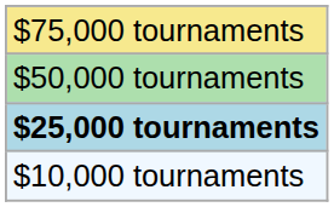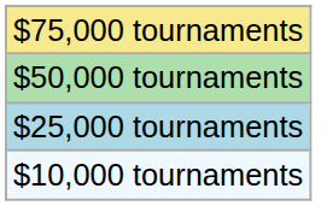 <table class="wikitable" style="font-size:85%">
 <tr bgcolor="#F7E98E">
 <td>$75,000 tournaments</td>
 </tr>
 <tr bgcolor="#ADDFAD">
 <td>$50,000 tournaments</td>
 </tr>
 <tr bgcolor="lightblue">
-<td><strong>$25,000 tournaments</strong></td>
+<td>$25,000 tournaments</td>
 </tr>
 <tr bgcolor="#f0f8ff">
 <td>$10,000 tournaments</td>
 </tr>
 </table>
